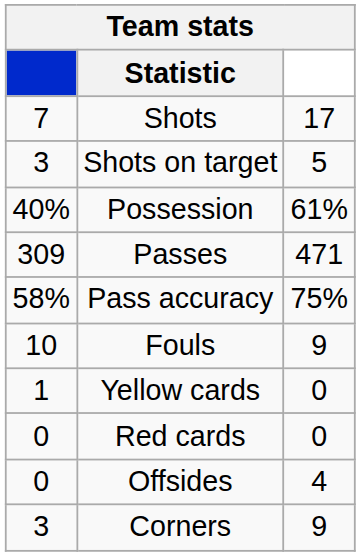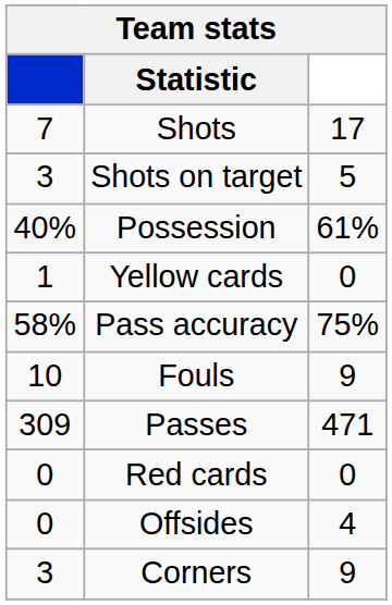 <table class="wikitable" style="margin-left: auto; margin-right: auto; border: none; text-align:center;">
 <tr>
 <th colspan=3>Team stats</th>
 </tr>
 <tr>
 <th style="background: #0029CC; color: #FFFFFF;"> <a href='#'></a></th>
 <th>Statistic</th>
 <th style="background: #FFFFFF; color: #2D2A4A;"> <a href='#'></a></th>
 </tr>
 <tr>
 <td>7</td>
 <td>Shots</td>
 <td>17</td>
 </tr>
 <tr>
 <td>3</td>
 <td>Shots on target</td>
 <td>5</td>
 </tr>
 <tr>
 <td>40%</td>
 <td>Possession</td>
 <td>61%</td>
 </tr>
 <tr>
-<td>309</td>
-<td>Passes</td>
-<td>471</td>
+<td>1</td>
+<td>Yellow cards</td>
+<td>0</td>
 </tr>
 <tr>
 <td>58%</td>
 <td>Pass accuracy</td>
 <td>75%</td>
 </tr>
 <tr>
 <td>10</td>
 <td>Fouls</td>
 <td>9</td>
 </tr>
 <tr>
-<td>1</td>
-<td>Yellow cards</td>
-<td>0</td>
+<td>309</td>
+<td>Passes</td>
+<td>471</td>
 </tr>
 <tr>
 <td>0</td>
 <td>Red cards</td>
 <td>0</td>
 </tr>
 <tr>
 <td>0</td>
 <td>Offsides</td>
 <td>4</td>
 </tr>
 <tr>
 <td>3</td>
 <td>Corners</td>
 <td>9</td>
 </tr>
 </table>
